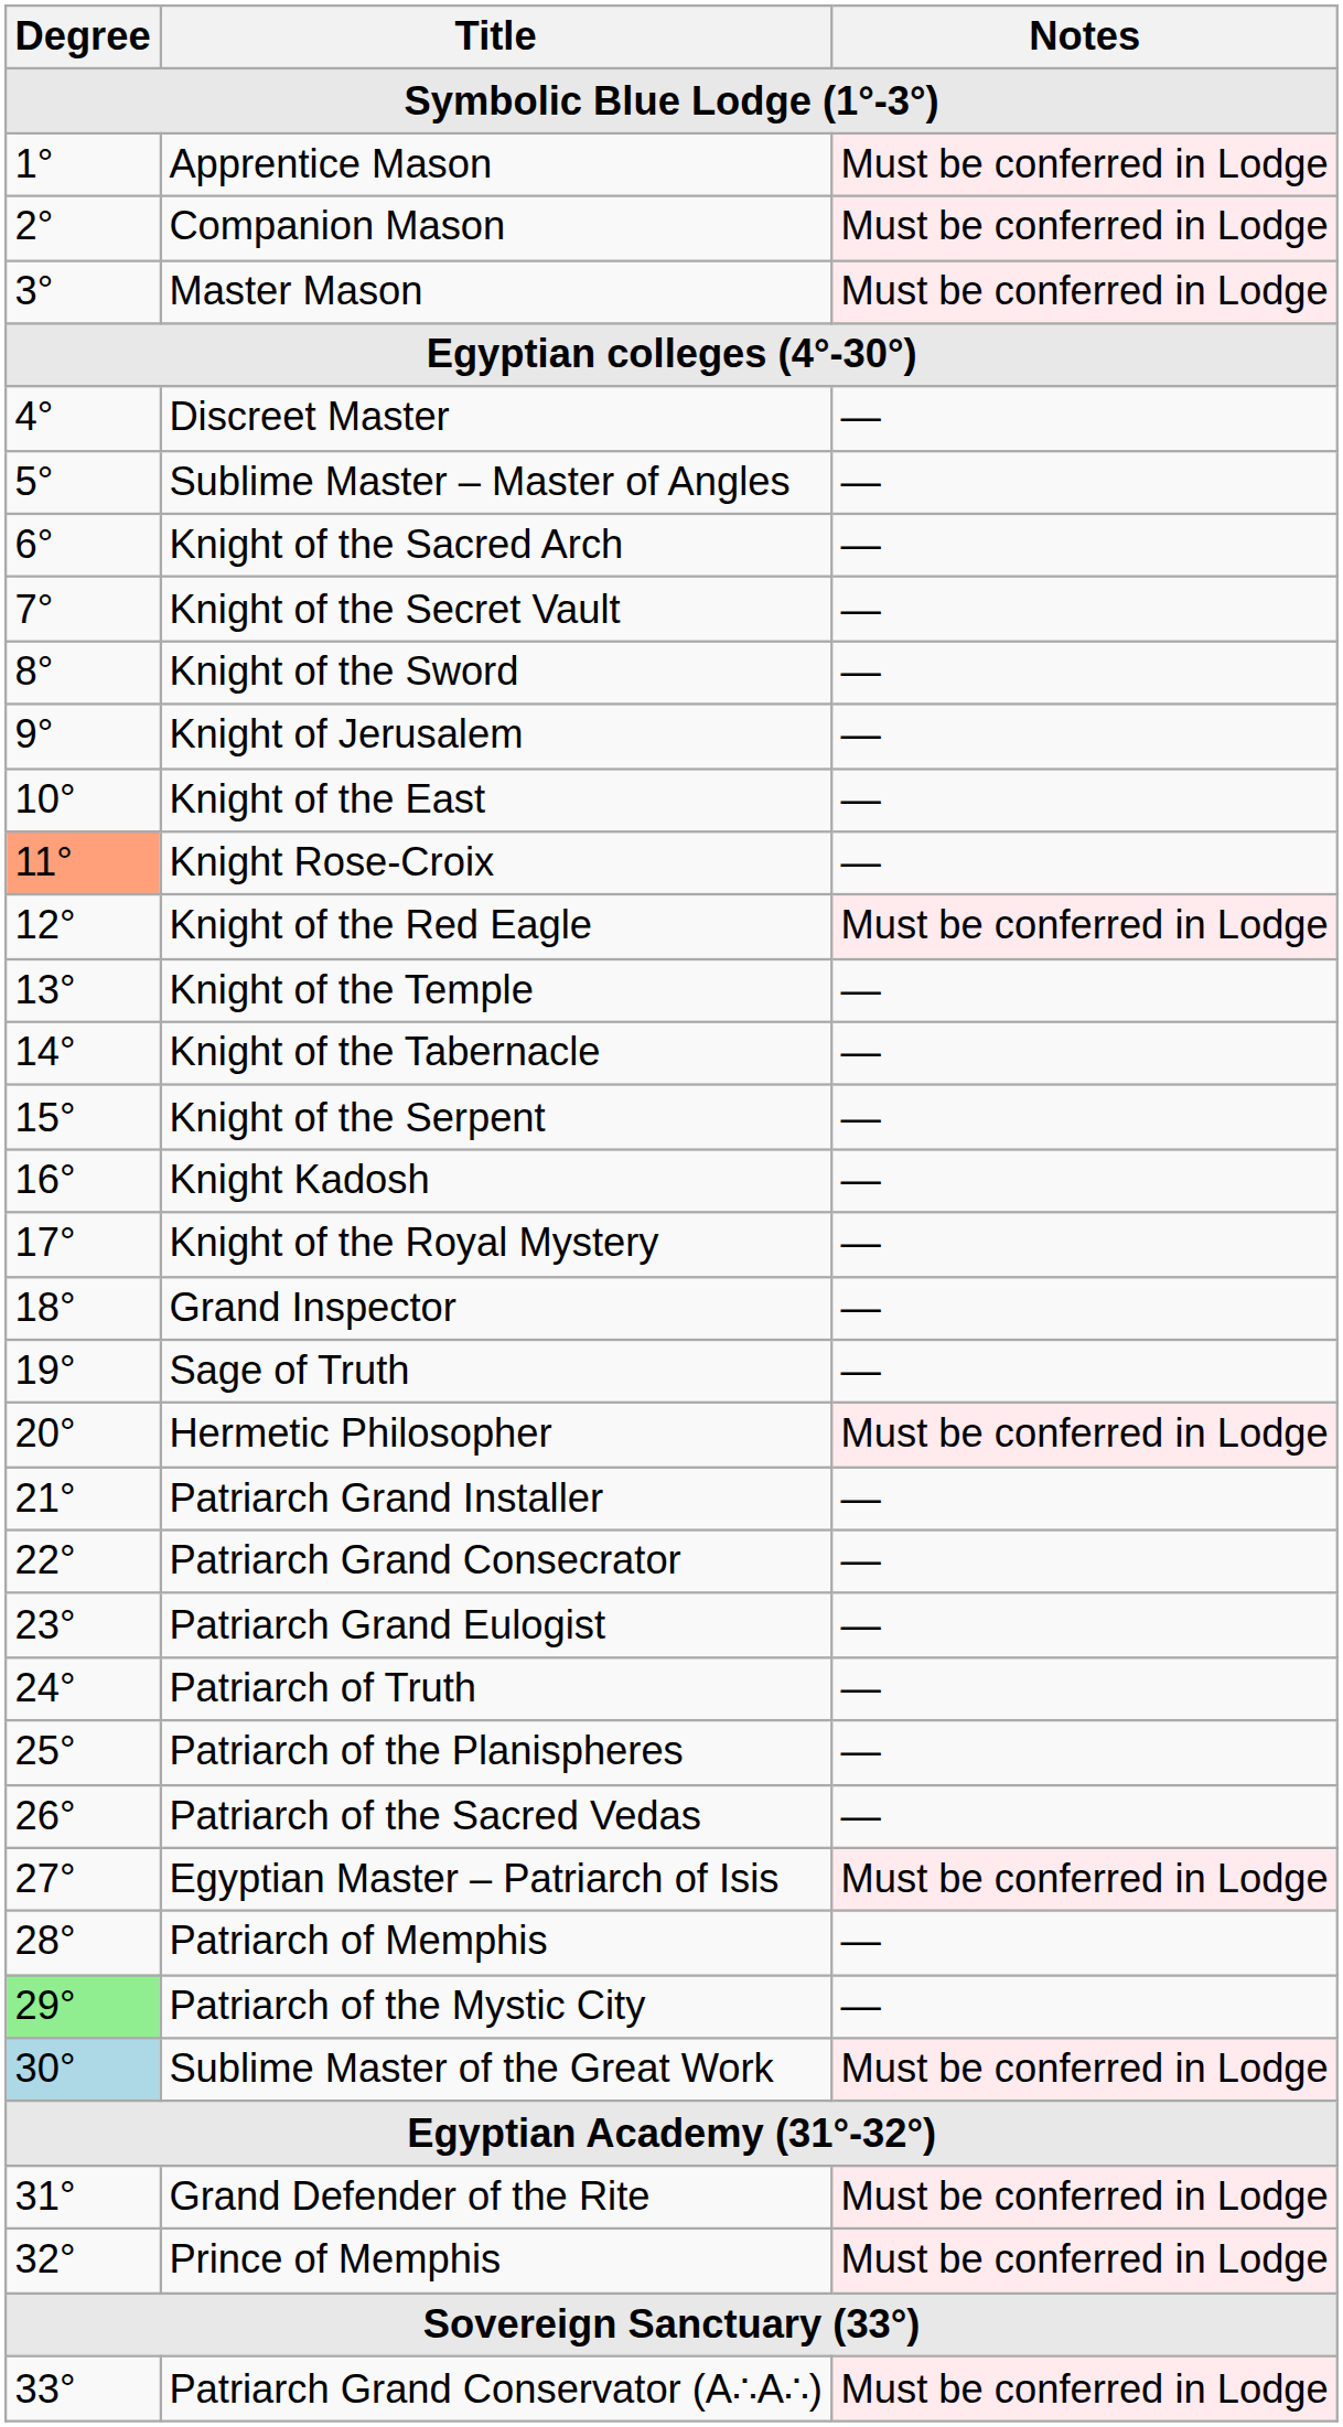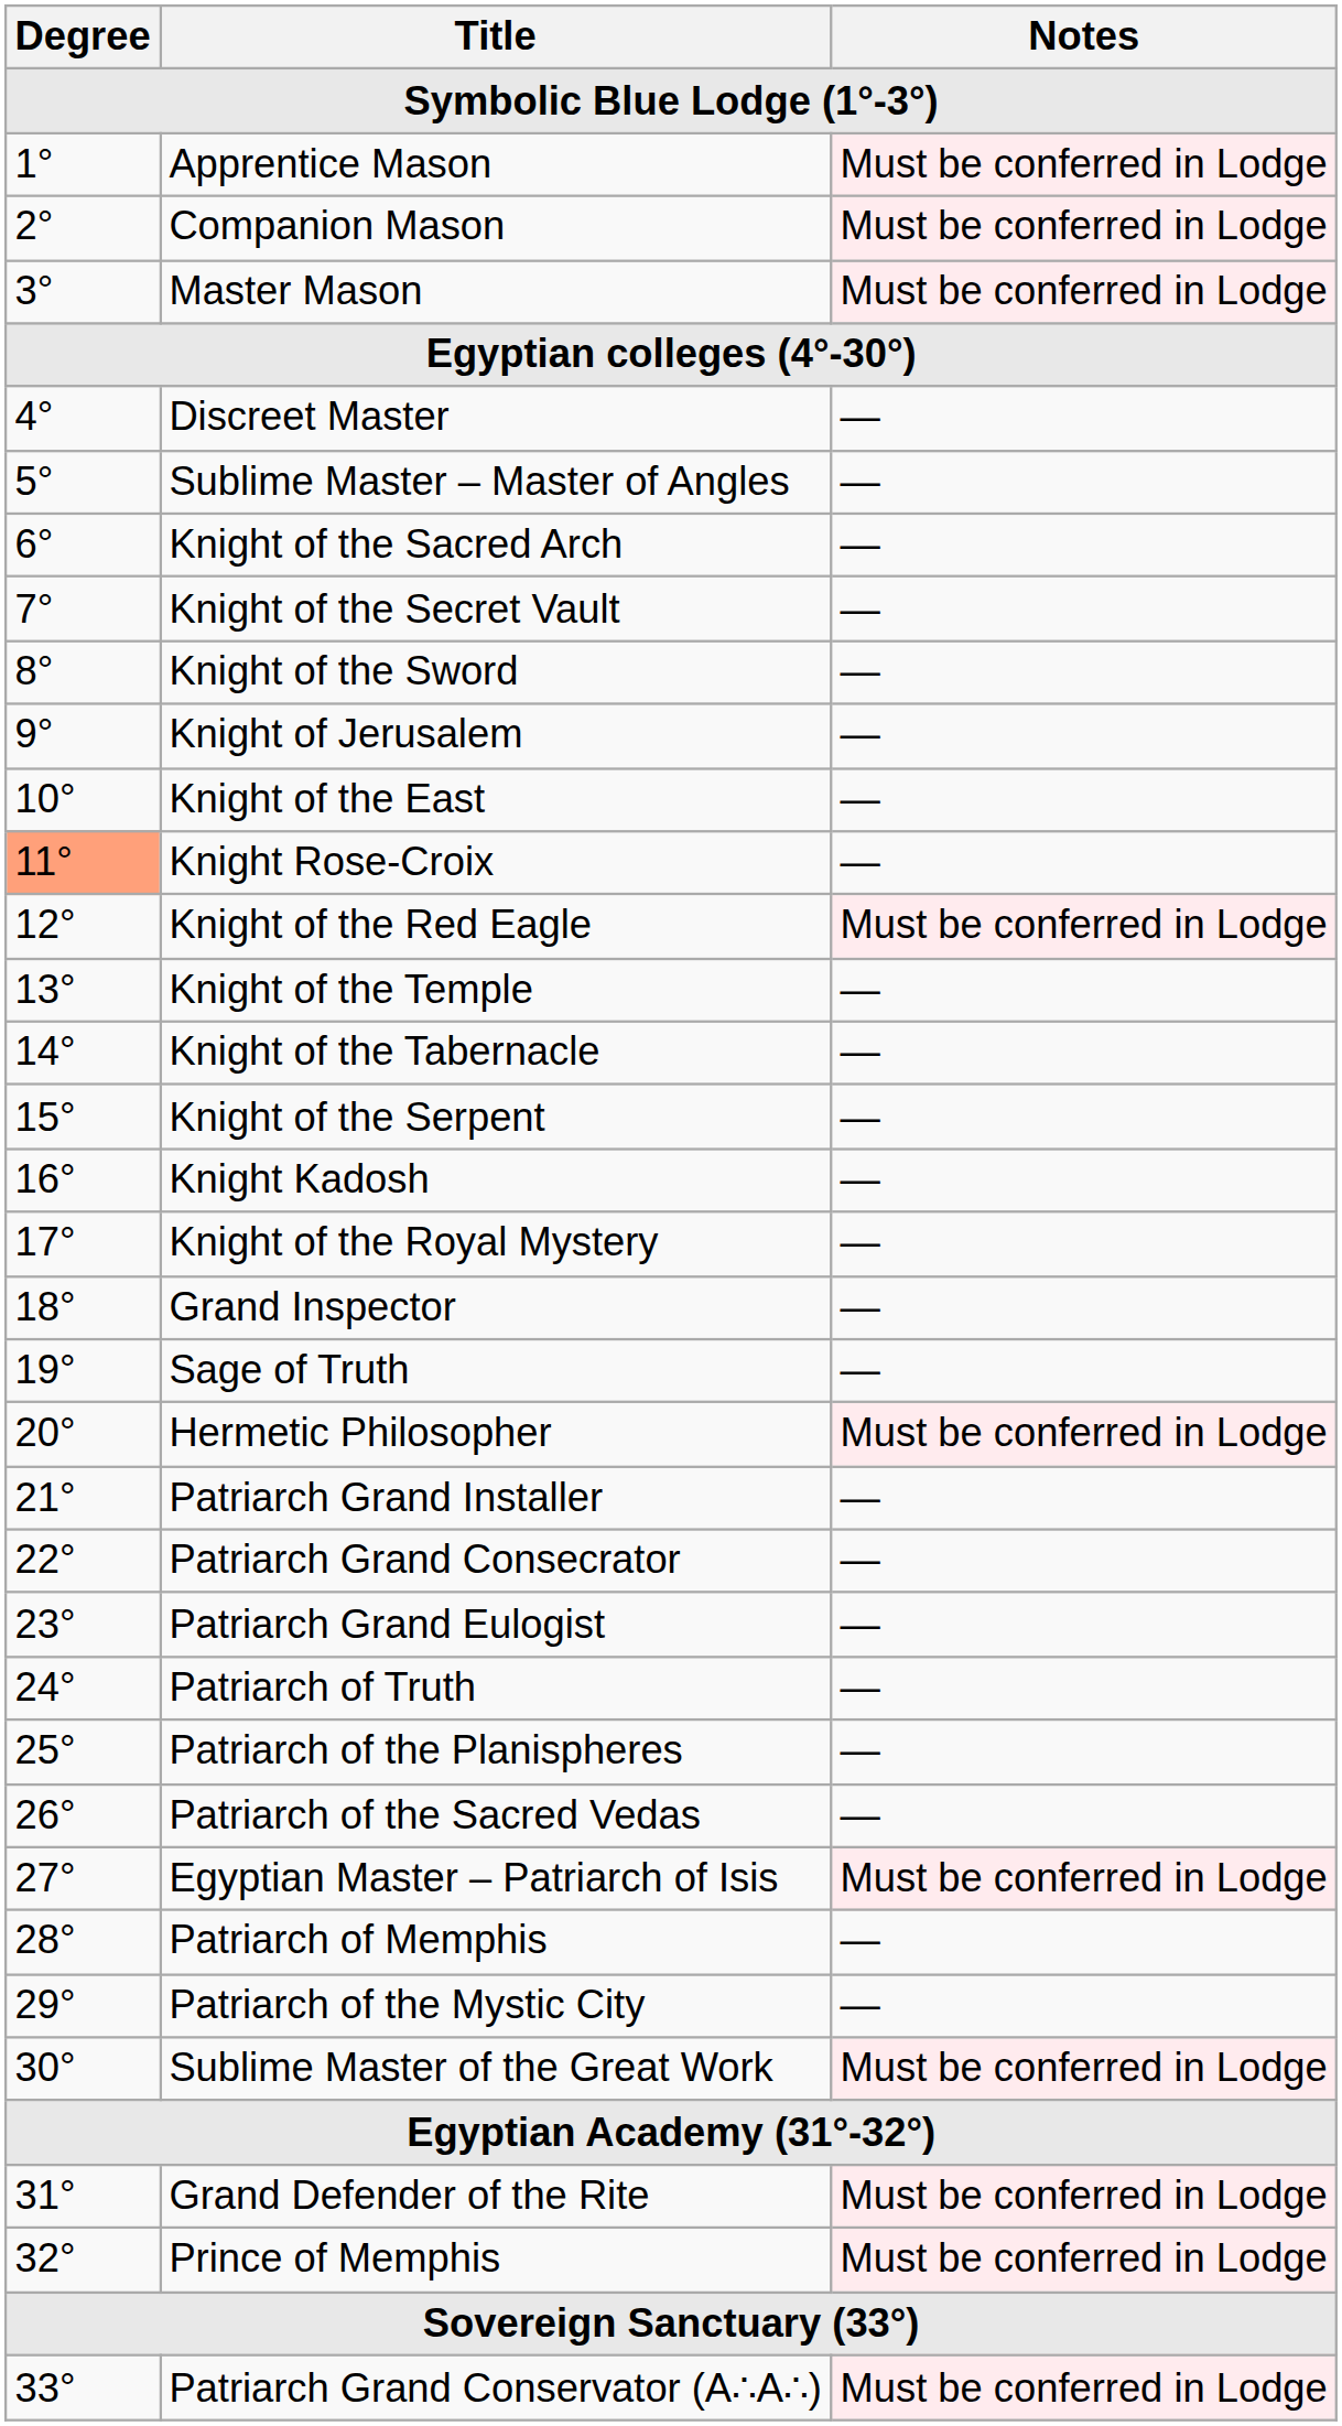 <table class="wikitable">
 <tr>
 <th>Degree</th>
 <th>Title</th>
 <th>Notes</th>
 </tr>
 <tr>
 <th colspan="5" style="background-color:#E8E8E8;">Symbolic Blue Lodge (1°-3°)</th>
 </tr>
 <tr>
 <td>1°</td>
 <td>Apprentice Mason</td>
 <td style="background-color:#FFEBEE;">Must be conferred in Lodge</td>
 </tr>
 <tr>
 <td>2°</td>
 <td>Companion Mason</td>
 <td style="background-color:#FFEBEE;">Must be conferred in Lodge</td>
 </tr>
 <tr>
 <td>3°</td>
 <td>Master Mason</td>
 <td style="background-color:#FFEBEE;">Must be conferred in Lodge</td>
 </tr>
 <tr>
 <th colspan="5" style="background-color:#E8E8E8;">Egyptian colleges (4°-30°)</th>
 </tr>
 <tr>
 <td>4°</td>
 <td>Discreet Master</td>
 <td>—</td>
 </tr>
 <tr>
 <td>5°</td>
 <td>Sublime Master – Master of Angles</td>
 <td>—</td>
 </tr>
 <tr>
 <td>6°</td>
 <td>Knight of the Sacred Arch</td>
 <td>—</td>
 </tr>
 <tr>
 <td>7°</td>
 <td>Knight of the Secret Vault</td>
 <td>—</td>
 </tr>
 <tr>
 <td>8°</td>
 <td>Knight of the Sword</td>
 <td>—</td>
 </tr>
 <tr>
 <td>9°</td>
 <td>Knight of Jerusalem</td>
 <td>—</td>
 </tr>
 <tr>
 <td>10°</td>
 <td>Knight of the East</td>
 <td>—</td>
 </tr>
 <tr>
 <td style="background: lightsalmon;">11°</td>
 <td>Knight Rose-Croix</td>
 <td>—</td>
 </tr>
 <tr>
 <td>12°</td>
 <td>Knight of the Red Eagle</td>
 <td style="background-color:#FFEBEE;">Must be conferred in Lodge</td>
 </tr>
 <tr>
 <td>13°</td>
 <td>Knight of the Temple</td>
 <td>—</td>
 </tr>
 <tr>
 <td>14°</td>
 <td>Knight of the Tabernacle</td>
 <td>—</td>
 </tr>
 <tr>
 <td>15°</td>
 <td>Knight of the Serpent</td>
 <td>—</td>
 </tr>
 <tr>
 <td>16°</td>
 <td>Knight Kadosh</td>
 <td>—</td>
 </tr>
 <tr>
 <td>17°</td>
 <td>Knight of the Royal Mystery</td>
 <td>—</td>
 </tr>
 <tr>
 <td>18°</td>
 <td>Grand Inspector</td>
 <td>—</td>
 </tr>
 <tr>
 <td>19°</td>
 <td>Sage of Truth</td>
 <td>—</td>
 </tr>
 <tr>
 <td>20°</td>
 <td>Hermetic Philosopher</td>
 <td style="background-color:#FFEBEE;">Must be conferred in Lodge</td>
 </tr>
 <tr>
 <td>21°</td>
 <td>Patriarch Grand Installer</td>
 <td>—</td>
 </tr>
 <tr>
 <td>22°</td>
 <td>Patriarch Grand Consecrator</td>
 <td>—</td>
 </tr>
 <tr>
 <td>23°</td>
 <td>Patriarch Grand Eulogist</td>
 <td>—</td>
 </tr>
 <tr>
 <td>24°</td>
 <td>Patriarch of Truth</td>
 <td>—</td>
 </tr>
 <tr>
 <td>25°</td>
 <td>Patriarch of the Planispheres</td>
 <td>—</td>
 </tr>
 <tr>
 <td>26°</td>
 <td>Patriarch of the Sacred Vedas</td>
 <td>—</td>
 </tr>
 <tr>
 <td>27°</td>
 <td>Egyptian Master – Patriarch of Isis</td>
 <td style="background-color:#FFEBEE;">Must be conferred in Lodge</td>
 </tr>
 <tr>
 <td>28°</td>
 <td>Patriarch of Memphis</td>
 <td>—</td>
 </tr>
 <tr>
-<td style="background: lightgreen;">29°</td>
+<td>29°</td>
 <td>Patriarch of the Mystic City</td>
 <td>—</td>
 </tr>
 <tr>
-<td style="background: lightblue;">30°</td>
+<td>30°</td>
 <td>Sublime Master of the Great Work</td>
 <td style="background-color:#FFEBEE;">Must be conferred in Lodge</td>
 </tr>
 <tr>
 <th colspan="3" style="background-color:#E8E8E8;">Egyptian Academy (31°-32°)</th>
 </tr>
 <tr>
 <td>31°</td>
 <td>Grand Defender of the Rite</td>
 <td style="background-color:#FFEBEE;">Must be conferred in Lodge</td>
 </tr>
 <tr>
 <td>32°</td>
 <td>Prince of Memphis</td>
 <td style="background-color:#FFEBEE;">Must be conferred in Lodge</td>
 </tr>
 <tr>
 <th colspan="3" style="background-color:#E8E8E8;">Sovereign Sanctuary (33°)</th>
 </tr>
 <tr>
 <td>33°</td>
 <td>Patriarch Grand Conservator (A∴A∴)</td>
 <td style="background-color:#FFEBEE;">Must be conferred in Lodge</td>
 </tr>
 </table>
